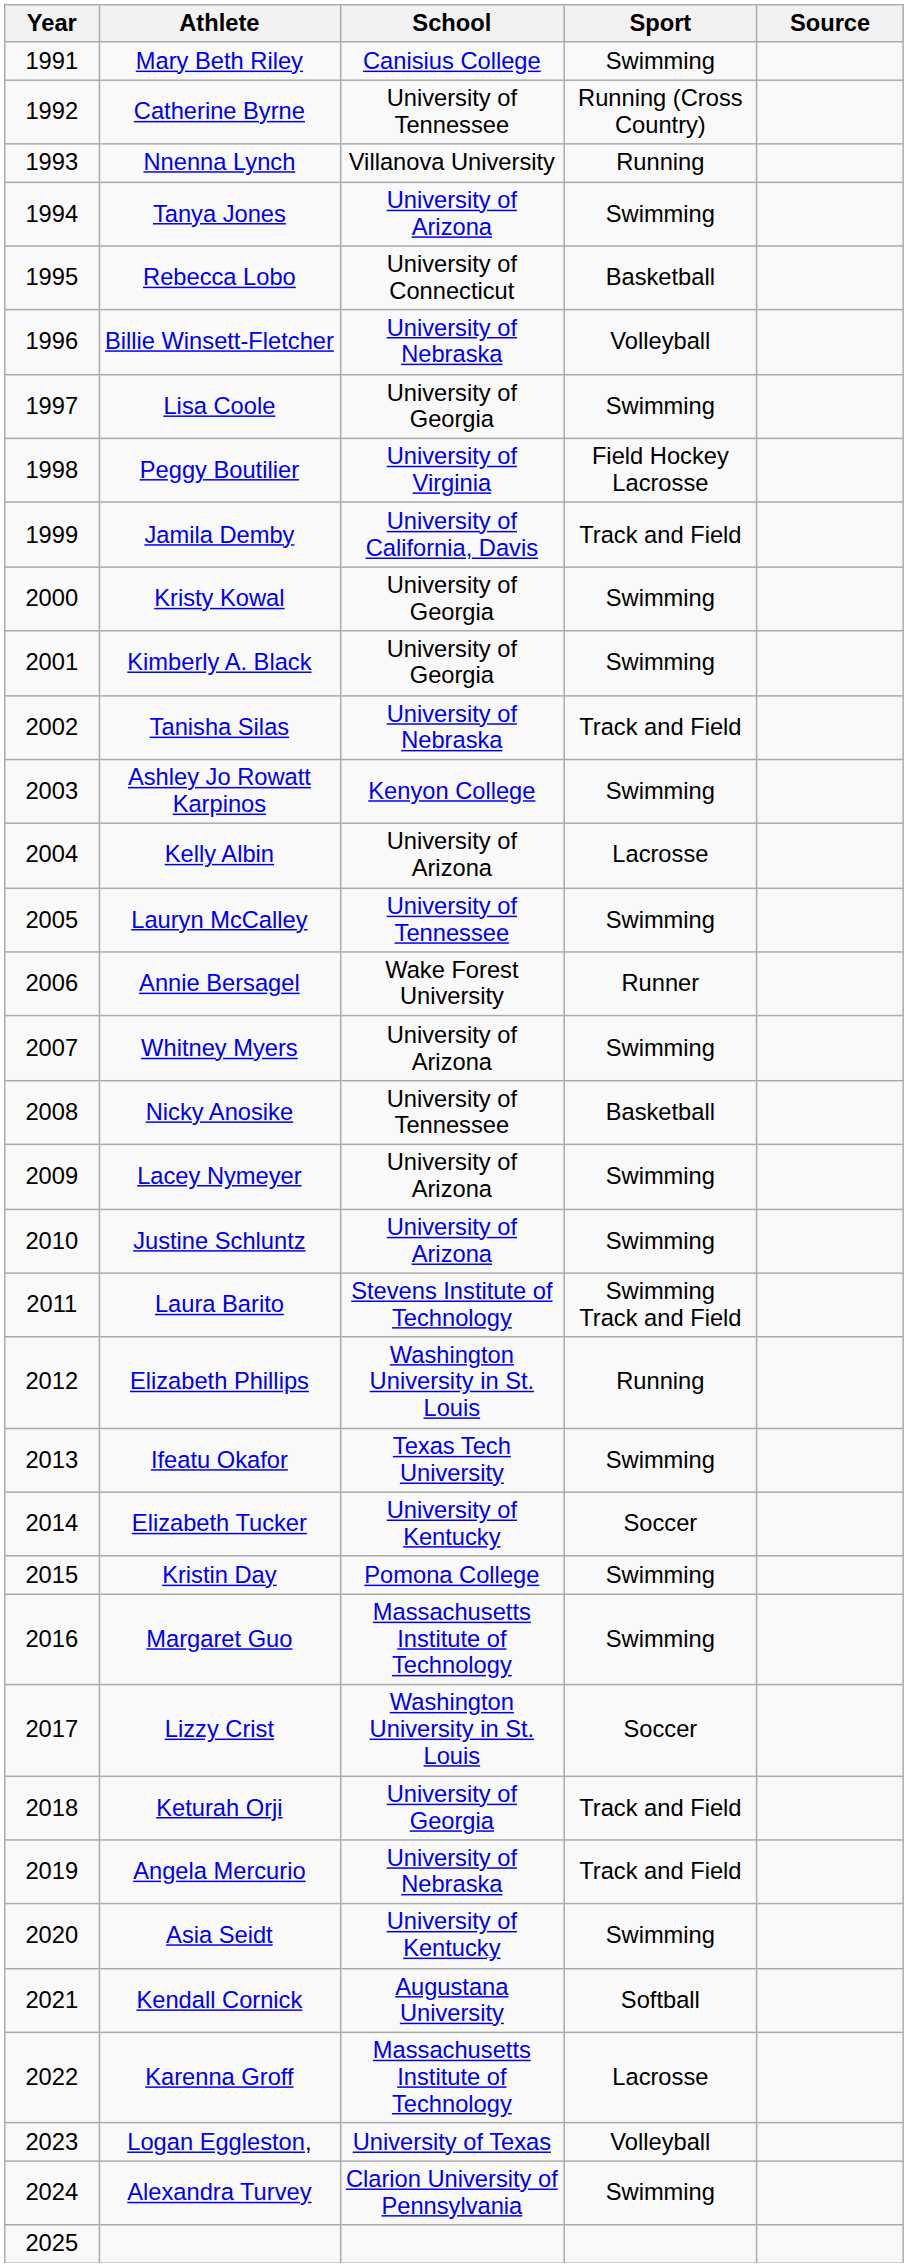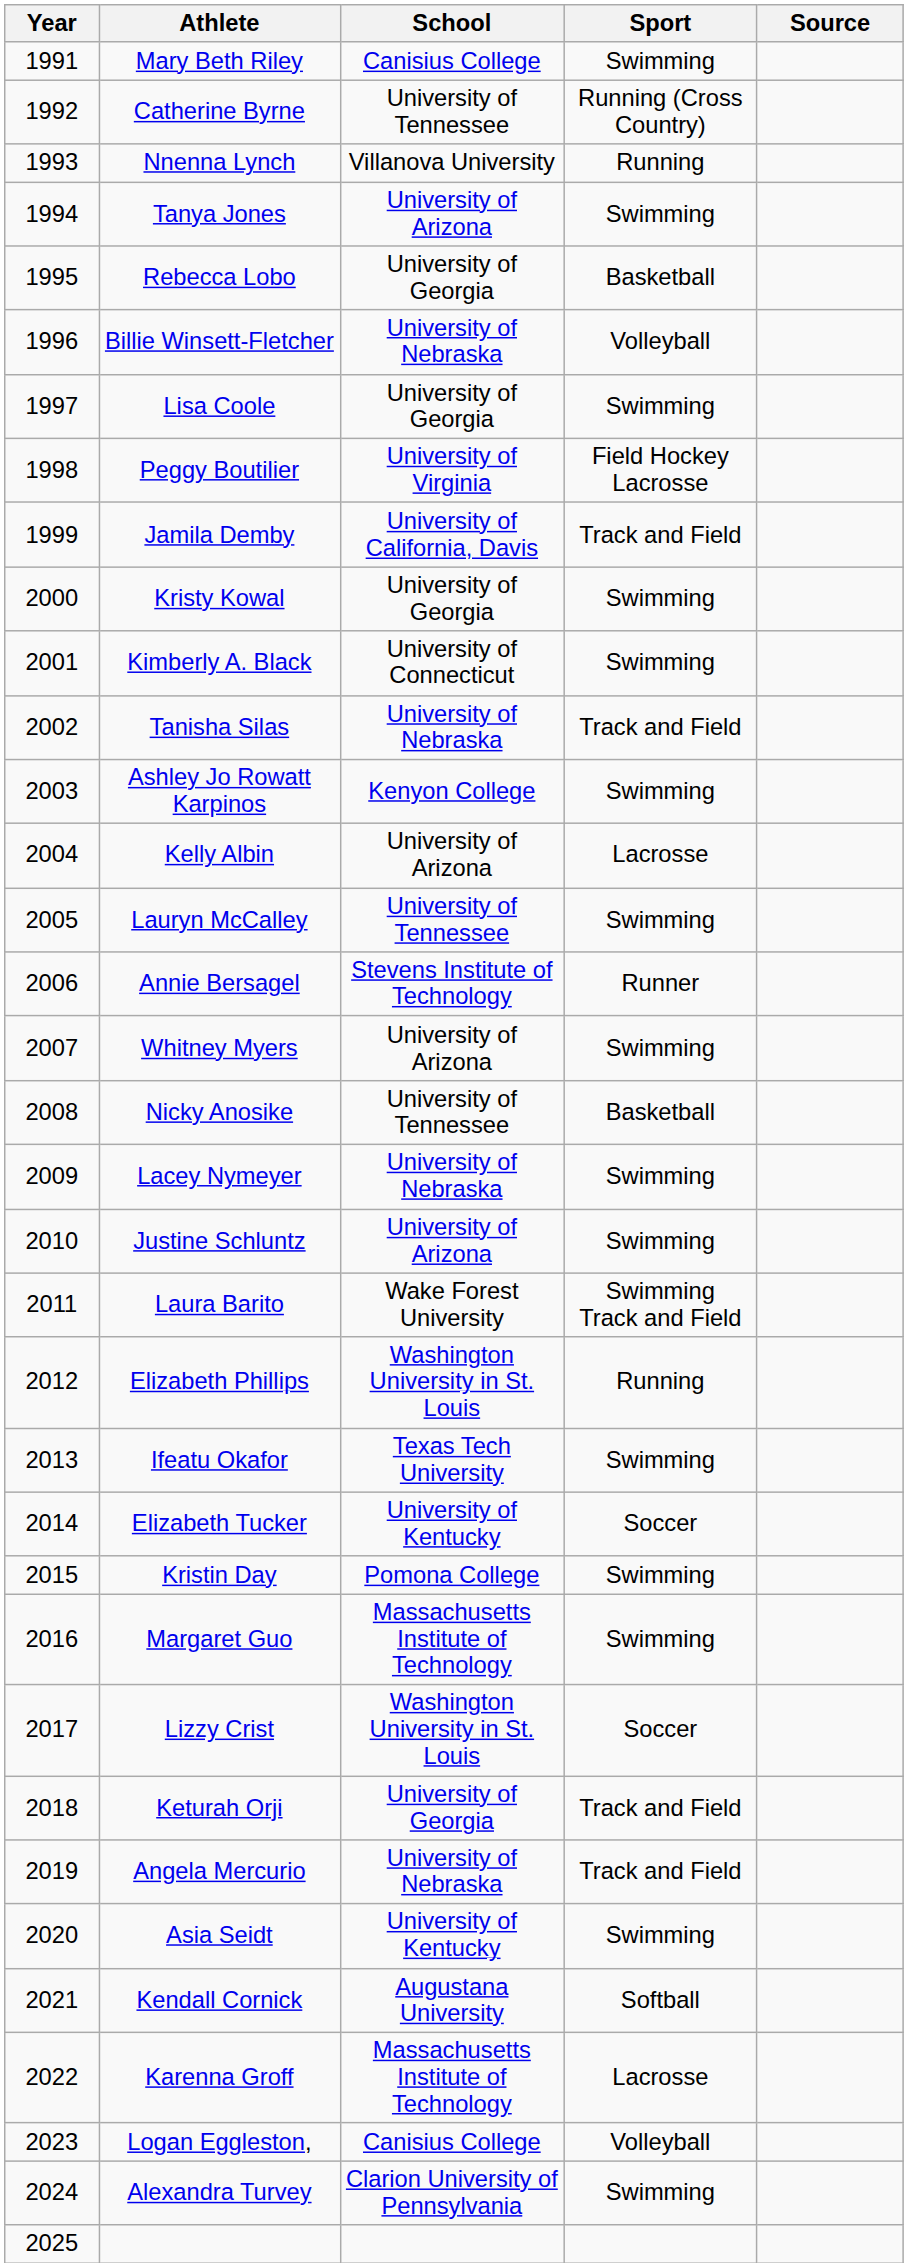 <table class="wikitable sortable">
 <tr>
 <th bgcolor="#DDDDFF" width="5%">Year</th>
 <th bgcolor="#DDDDFF" width="16%">Athlete</th>
 <th bgcolor="#DDDDFF" width="9%">School</th>
 <th bgcolor="#DDDDFF" width="12%">Sport</th>
 <th bgcolor="#DDDDFF" width="9%">Source</th>
 </tr>
 <tr align="center">
 <td>1991</td>
 <td><a href='#'>Mary Beth Riley</a></td>
 <td><a href='#'>Canisius College</a></td>
 <td>Swimming</td>
 <td></td>
 </tr>
 <tr align="center">
 <td>1992</td>
 <td><a href='#'>Catherine Byrne</a></td>
 <td>University of Tennessee</td>
 <td>Running (Cross Country)</td>
 <td></td>
 </tr>
 <tr align="center">
 <td>1993</td>
 <td><a href='#'>Nnenna Lynch</a></td>
 <td>Villanova University</td>
 <td>Running</td>
 <td></td>
 </tr>
 <tr align="center">
 <td>1994</td>
 <td><a href='#'>Tanya Jones</a></td>
 <td><a href='#'>University of Arizona</a></td>
 <td>Swimming</td>
 <td></td>
 </tr>
 <tr align="center">
 <td>1995</td>
 <td><a href='#'>Rebecca Lobo</a></td>
-<td>University of Connecticut</td>
+<td>University of Georgia</td>
 <td>Basketball</td>
 <td></td>
 </tr>
 <tr align="center">
 <td>1996</td>
 <td><a href='#'>Billie Winsett-Fletcher</a></td>
 <td><a href='#'>University of Nebraska</a></td>
 <td>Volleyball</td>
 <td></td>
 </tr>
 <tr align="center">
 <td>1997</td>
 <td><a href='#'>Lisa Coole</a></td>
 <td>University of Georgia</td>
 <td>Swimming</td>
 <td></td>
 </tr>
 <tr align="center">
 <td>1998</td>
 <td><a href='#'>Peggy Boutilier</a></td>
 <td><a href='#'>University of Virginia</a></td>
 <td>Field Hockey <br>Lacrosse</td>
 <td></td>
 </tr>
 <tr align="center">
 <td>1999</td>
 <td><a href='#'>Jamila Demby</a></td>
 <td><a href='#'>University of California, Davis</a></td>
 <td>Track and Field</td>
 <td></td>
 </tr>
 <tr align="center">
 <td>2000</td>
 <td><a href='#'>Kristy Kowal</a></td>
 <td>University of Georgia</td>
 <td>Swimming</td>
 <td></td>
 </tr>
 <tr align="center">
 <td>2001</td>
 <td><a href='#'>Kimberly A. Black</a></td>
-<td>University of Georgia</td>
+<td>University of Connecticut</td>
 <td>Swimming</td>
 <td></td>
 </tr>
 <tr align="center">
 <td>2002</td>
 <td><a href='#'>Tanisha Silas</a></td>
 <td><a href='#'>University of Nebraska</a></td>
 <td>Track and Field</td>
 <td></td>
 </tr>
 <tr align="center">
 <td>2003</td>
 <td><a href='#'>Ashley Jo Rowatt Karpinos</a></td>
 <td><a href='#'>Kenyon College</a></td>
 <td>Swimming</td>
 <td></td>
 </tr>
 <tr align="center">
 <td>2004</td>
 <td><a href='#'>Kelly Albin</a></td>
 <td>University of Arizona</td>
 <td>Lacrosse</td>
 <td></td>
 </tr>
 <tr align="center">
 <td>2005</td>
 <td><a href='#'>Lauryn McCalley</a></td>
 <td><a href='#'>University of Tennessee</a></td>
 <td>Swimming</td>
 <td></td>
 </tr>
 <tr align="center">
 <td>2006</td>
 <td><a href='#'>Annie Bersagel</a></td>
-<td>Wake Forest University</td>
+<td><a href='#'>Stevens Institute of Technology</a></td>
 <td>Runner</td>
 <td></td>
 </tr>
 <tr align="center">
 <td>2007</td>
 <td><a href='#'>Whitney Myers</a></td>
 <td>University of Arizona</td>
 <td>Swimming</td>
 <td></td>
 </tr>
 <tr align="center">
 <td>2008</td>
 <td><a href='#'>Nicky Anosike</a></td>
 <td>University of Tennessee</td>
 <td>Basketball</td>
 <td></td>
 </tr>
 <tr align="center">
 <td>2009</td>
 <td><a href='#'>Lacey Nymeyer</a></td>
-<td>University of Arizona</td>
+<td><a href='#'>University of Nebraska</a></td>
 <td>Swimming</td>
 <td></td>
 </tr>
 <tr align="center">
 <td>2010</td>
 <td><a href='#'>Justine Schluntz</a></td>
 <td><a href='#'>University of Arizona</a></td>
 <td>Swimming</td>
 <td></td>
 </tr>
 <tr align="center">
 <td>2011</td>
 <td><a href='#'>Laura Barito</a></td>
-<td><a href='#'>Stevens Institute of Technology</a></td>
+<td>Wake Forest University</td>
 <td>Swimming<br>Track and Field</td>
 <td></td>
 </tr>
 <tr align="center">
 <td>2012</td>
 <td><a href='#'>Elizabeth Phillips</a></td>
 <td><a href='#'>Washington University in St. Louis</a></td>
 <td>Running</td>
 <td></td>
 </tr>
 <tr align="center">
 <td>2013</td>
 <td><a href='#'>Ifeatu Okafor</a></td>
 <td><a href='#'>Texas Tech University</a></td>
 <td>Swimming</td>
 <td></td>
 </tr>
 <tr align="center">
 <td>2014</td>
 <td><a href='#'>Elizabeth Tucker</a></td>
 <td><a href='#'>University of Kentucky</a></td>
 <td>Soccer</td>
 <td></td>
 </tr>
 <tr align="center">
 <td>2015</td>
 <td><a href='#'>Kristin Day</a></td>
 <td><a href='#'>Pomona College</a></td>
 <td>Swimming</td>
 <td></td>
 </tr>
 <tr align="center">
 <td>2016</td>
 <td><a href='#'>Margaret Guo</a></td>
 <td><a href='#'>Massachusetts Institute of Technology</a></td>
 <td>Swimming</td>
 <td></td>
 </tr>
 <tr align="center">
 <td>2017</td>
 <td><a href='#'>Lizzy Crist</a></td>
 <td><a href='#'>Washington University in St. Louis</a></td>
 <td>Soccer</td>
 <td></td>
 </tr>
 <tr align="center">
 <td>2018</td>
 <td><a href='#'>Keturah Orji</a></td>
 <td><a href='#'>University of Georgia</a></td>
 <td>Track and Field</td>
 <td></td>
 </tr>
 <tr align="center">
 <td>2019</td>
 <td><a href='#'>Angela Mercurio</a></td>
 <td><a href='#'>University of Nebraska</a></td>
 <td>Track and Field</td>
 <td></td>
 </tr>
 <tr align="center">
 <td>2020</td>
 <td><a href='#'>Asia Seidt</a></td>
 <td><a href='#'>University of Kentucky</a></td>
 <td>Swimming</td>
 <td></td>
 </tr>
 <tr align="center">
 <td>2021</td>
 <td><a href='#'>Kendall Cornick</a></td>
 <td><a href='#'>Augustana University</a></td>
 <td>Softball</td>
 <td></td>
 </tr>
 <tr align="center">
 <td>2022</td>
 <td><a href='#'>Karenna Groff</a></td>
 <td><a href='#'>Massachusetts Institute of Technology</a></td>
 <td>Lacrosse</td>
 <td></td>
 </tr>
 <tr align="center">
 <td>2023</td>
 <td><a href='#'>Logan Eggleston</a>,</td>
-<td><a href='#'>University of Texas</a></td>
+<td><a href='#'>Canisius College</a></td>
 <td>Volleyball</td>
 <td></td>
 </tr>
 <tr align="center">
 <td>2024</td>
 <td><a href='#'>Alexandra Turvey</a></td>
 <td><a href='#'>Clarion University of Pennsylvania</a></td>
 <td>Swimming</td>
 <td></td>
 </tr>
 <tr align="center">
 <td>2025</td>
 <td></td>
 <td></td>
 <td></td>
 <td></td>
 </tr>
 </table>
